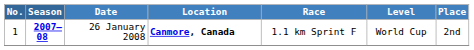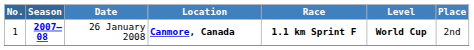 <table class="wikitable sortable" style="font-size:95%; text-align:center; border:grey solid 1px; border-collapse:collapse; background:#ffffff;">
 <tr style="background:#efefef;">
 <th style="background-color:#369; color:white;">No.</th>
 <th style="background-color:#369; color:white;">Season</th>
 <th style="background-color:#4180be; color:white; width:120px;">Date</th>
 <th style="background-color:#4180be; color:white; width:170px;">Location</th>
 <th style="background-color:#4180be; color:white; width:160px;">Race</th>
 <th style="background-color:#4180be; color:white; width:100px;">Level</th>
 <th style="background-color:#4180be; color:white;">Place</th>
 </tr>
 <tr>
 <td align=center>1</td>
 <td rowspan=1 align=center><strong> <a href='#'>2007–08</a> </strong></td>
 <td align=right>26 January 2008</td>
 <td align=left><strong> <a href='#'>Canmore</a>, Canada</strong></td>
-<td>1.1 km Sprint F</td>
-<td>World Cup</td>
+<td><strong>1.1 km Sprint F</strong></td>
+<td><strong>World Cup</strong></td>
 <td>2nd</td>
 </tr>
 <tr>
 </tr>
 </table>
